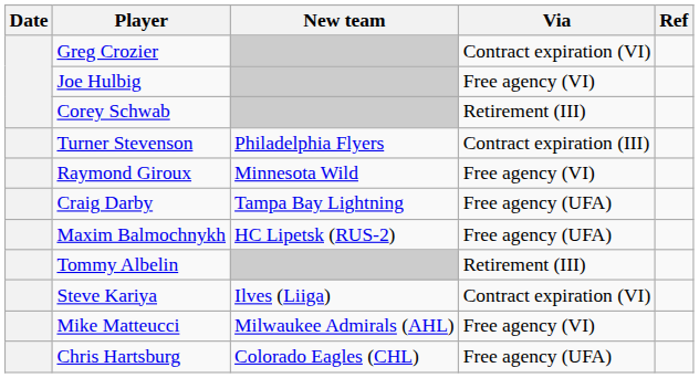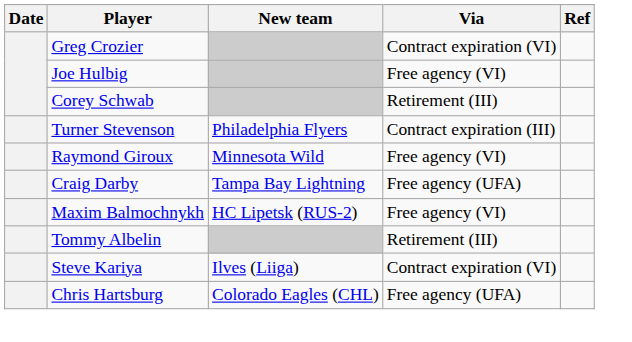 <table class="wikitable plainrowheaders">
 <tr style="background:#ddd; text-align:center;">
 <th>Date</th>
 <th>Player</th>
 <th>New team</th>
 <th>Via</th>
 <th>Ref</th>
 </tr>
 <tr>
 <th scope="row" rowspan=3></th>
 <td><a href='#'>Greg Crozier</a></td>
 <td style="background:#ccc"></td>
 <td>Contract expiration (VI)</td>
 <td></td>
 </tr>
 <tr>
 <td><a href='#'>Joe Hulbig</a></td>
 <td style="background:#ccc"></td>
 <td>Free agency (VI)</td>
 <td></td>
 </tr>
 <tr>
 <td><a href='#'>Corey Schwab</a></td>
 <td style="background:#ccc"></td>
 <td>Retirement (III)</td>
 <td></td>
 </tr>
 <tr>
 <th scope="row"></th>
 <td><a href='#'>Turner Stevenson</a></td>
 <td><a href='#'>Philadelphia Flyers</a></td>
 <td>Contract expiration (III)</td>
 <td></td>
 </tr>
 <tr>
 <th scope="row"></th>
 <td><a href='#'>Raymond Giroux</a></td>
 <td><a href='#'>Minnesota Wild</a></td>
 <td>Free agency (VI)</td>
 <td></td>
 </tr>
 <tr>
 <th scope="row"></th>
 <td><a href='#'>Craig Darby</a></td>
 <td><a href='#'>Tampa Bay Lightning</a></td>
 <td>Free agency (UFA)</td>
 <td></td>
 </tr>
 <tr>
 <th scope="row"></th>
 <td><a href='#'>Maxim Balmochnykh</a></td>
 <td><a href='#'>HC Lipetsk</a> (<a href='#'>RUS-2</a>)</td>
-<td>Free agency (UFA)</td>
+<td>Free agency (VI)</td>
 <td></td>
 </tr>
 <tr>
 <th scope="row"></th>
 <td><a href='#'>Tommy Albelin</a></td>
 <td style="background:#ccc"></td>
 <td>Retirement (III)</td>
 <td></td>
 </tr>
 <tr>
 <th scope="row"></th>
 <td><a href='#'>Steve Kariya</a></td>
 <td><a href='#'>Ilves</a> (<a href='#'>Liiga</a>)</td>
 <td>Contract expiration (VI)</td>
 <td></td>
 </tr>
 <tr>
 <th scope="row"></th>
-<td><a href='#'>Mike Matteucci</a></td>
-<td><a href='#'>Milwaukee Admirals</a> (<a href='#'>AHL</a>)</td>
-<td>Free agency (VI)</td>
-<td></td>
-</tr>
-<tr>
-<th scope="row"></th>
 <td><a href='#'>Chris Hartsburg</a></td>
 <td><a href='#'>Colorado Eagles</a> (<a href='#'>CHL</a>)</td>
 <td>Free agency (UFA)</td>
 <td></td>
 </tr>
 </table>
